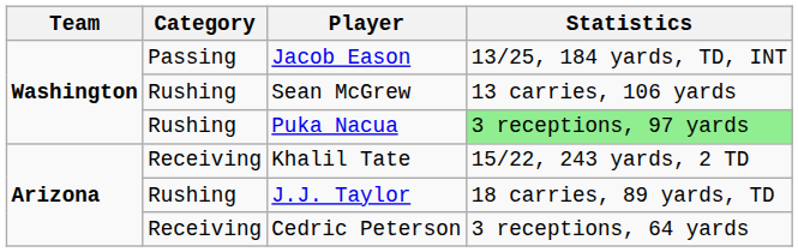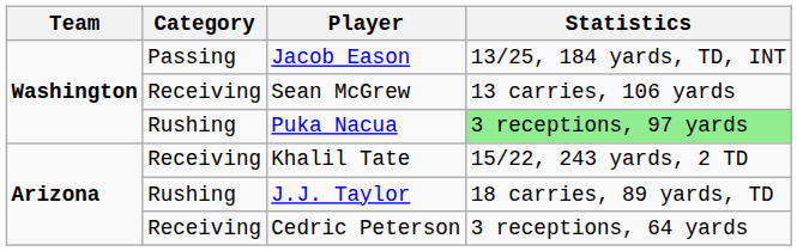 <table class="wikitable" style="float: right;">
 <tr>
 <th>Team</th>
 <th>Category</th>
 <th>Player</th>
 <th>Statistics</th>
 </tr>
 <tr>
 <td rowspan=3><strong>Washington</strong></td>
 <td>Passing</td>
 <td><a href='#'>Jacob Eason</a></td>
 <td>13/25, 184 yards, TD, INT</td>
 </tr>
 <tr>
-<td>Rushing</td>
+<td>Receiving</td>
 <td>Sean McGrew</td>
 <td>13 carries, 106 yards</td>
 </tr>
 <tr>
 <td>Rushing</td>
 <td><a href='#'>Puka Nacua</a></td>
 <td style="background: lightgreen;">3 receptions, 97 yards</td>
 </tr>
 <tr>
 <td rowspan=3><strong>Arizona</strong></td>
 <td>Receiving</td>
 <td>Khalil Tate</td>
 <td>15/22, 243 yards, 2 TD</td>
 </tr>
 <tr>
 <td>Rushing</td>
 <td><a href='#'>J.J. Taylor</a></td>
 <td>18 carries, 89 yards, TD</td>
 </tr>
 <tr>
 <td>Receiving</td>
 <td>Cedric Peterson</td>
 <td>3 receptions, 64 yards</td>
 </tr>
 </table>
